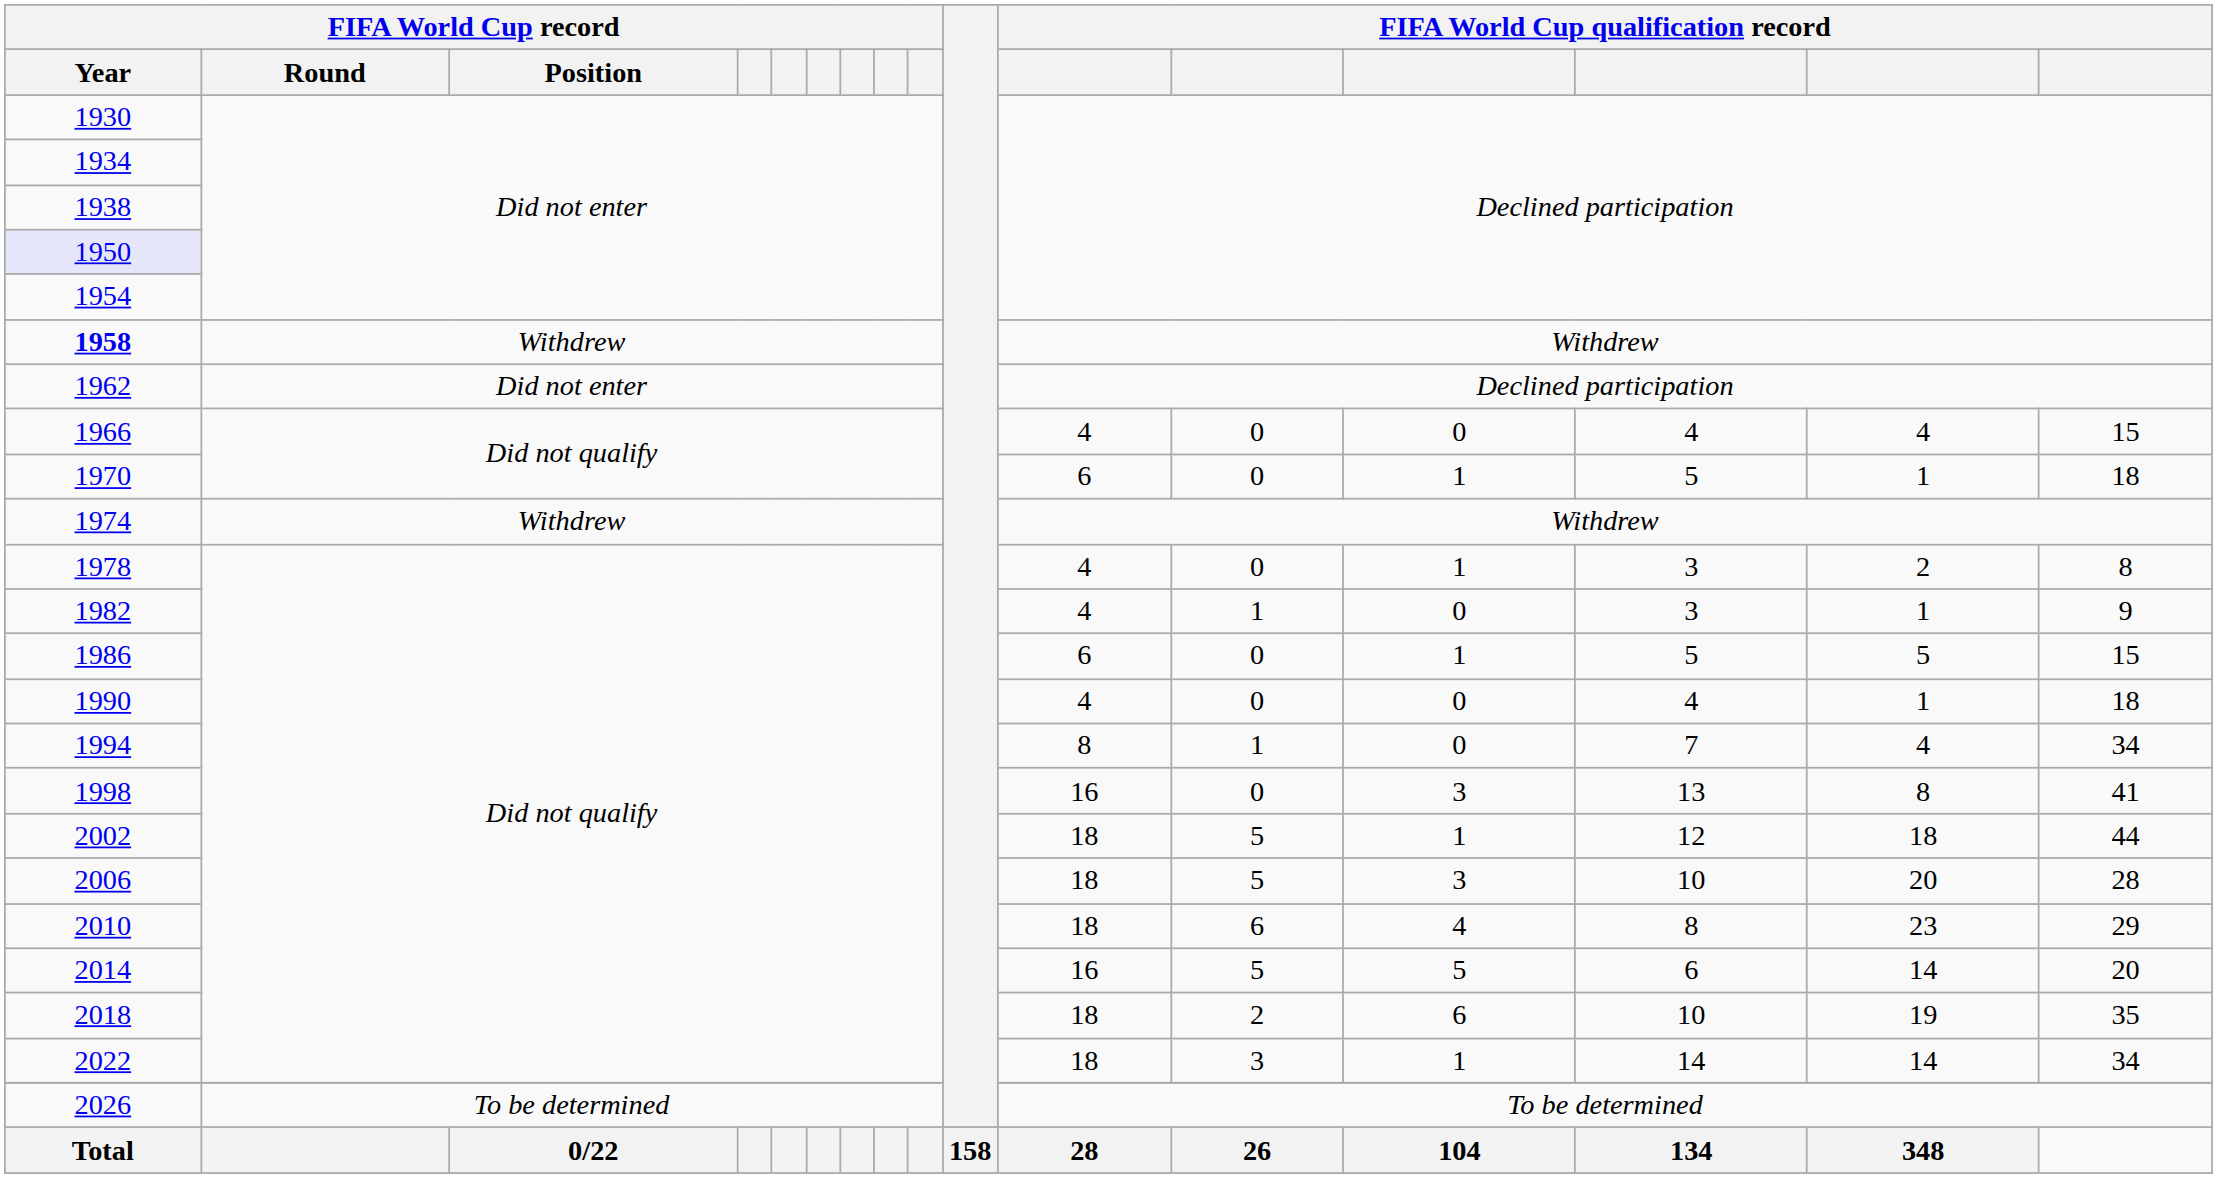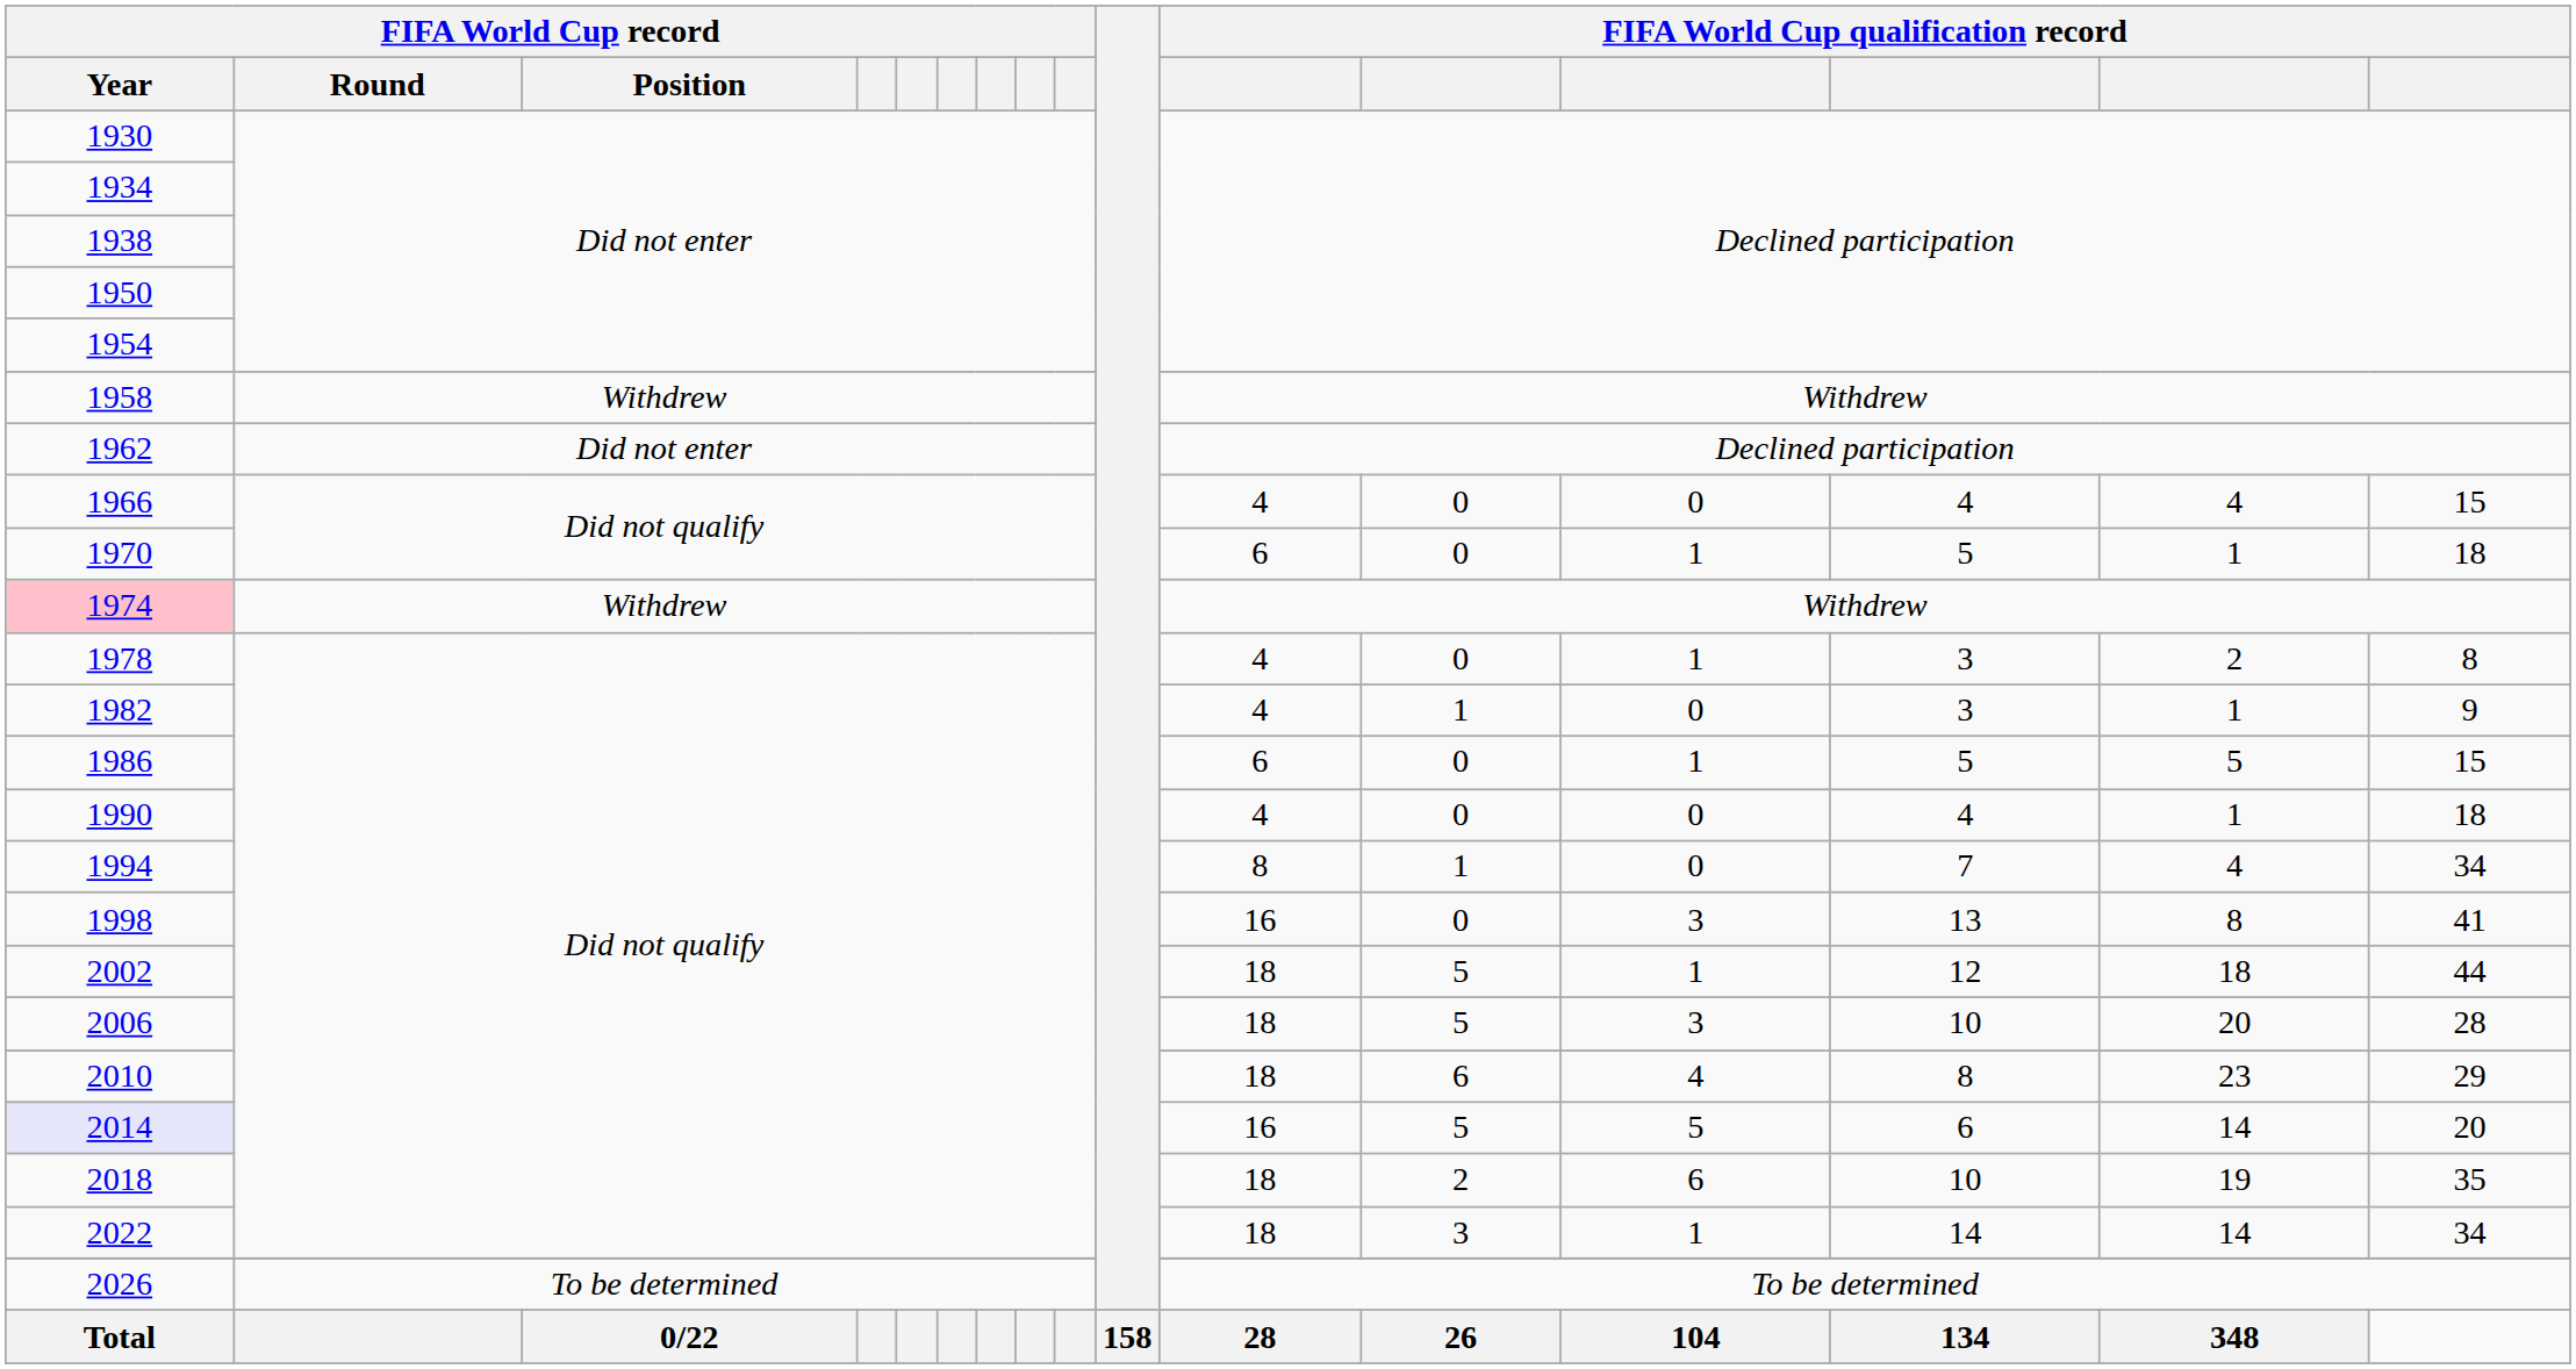 <table class="wikitable" style="text-align: center;">
 <tr>
 <th colspan=9><a href='#'>FIFA World Cup</a> record</th>
 <th width=1% rowspan=26></th>
 <th colspan=6><a href='#'>FIFA World Cup qualification</a> record</th>
 </tr>
 <tr>
 <th>Year</th>
 <th>Round</th>
 <th>Position</th>
 <th></th>
 <th></th>
 <th></th>
 <th></th>
 <th></th>
 <th></th>
 <th></th>
 <th></th>
 <th></th>
 <th></th>
 <th></th>
 <th></th>
 </tr>
 <tr>
 <td> <a href='#'>1930</a></td>
 <td colspan=8 rowspan=5><em>Did not enter</em></td>
 <td colspan=6 rowspan=5><em>Declined participation</em></td>
 </tr>
 <tr>
 <td> <a href='#'>1934</a></td>
 </tr>
 <tr>
 <td> <a href='#'>1938</a></td>
 </tr>
 <tr>
-<td style="background: lavender;"> <a href='#'>1950</a></td>
+<td> <a href='#'>1950</a></td>
 </tr>
 <tr>
 <td> <a href='#'>1954</a></td>
 </tr>
 <tr>
-<td><strong> <a href='#'>1958</a></strong></td>
+<td> <a href='#'>1958</a></td>
 <td colspan=8><em>Withdrew</em></td>
 <td colspan=6><em>Withdrew</em></td>
 </tr>
 <tr>
 <td> <a href='#'>1962</a></td>
 <td colspan=8><em>Did not enter</em></td>
 <td colspan=6><em>Declined participation</em></td>
 </tr>
 <tr>
 <td> <a href='#'>1966</a></td>
 <td colspan=8 rowspan=2><em>Did not qualify</em></td>
 <td>4</td>
 <td>0</td>
 <td>0</td>
 <td>4</td>
 <td>4</td>
 <td>15</td>
 </tr>
 <tr>
 <td> <a href='#'>1970</a></td>
 <td>6</td>
 <td>0</td>
 <td>1</td>
 <td>5</td>
 <td>1</td>
 <td>18</td>
 </tr>
 <tr>
-<td> <a href='#'>1974</a></td>
+<td style="background: pink;"> <a href='#'>1974</a></td>
 <td colspan=8><em>Withdrew</em></td>
 <td colspan=6><em>Withdrew</em></td>
 </tr>
 <tr>
 <td> <a href='#'>1978</a></td>
 <td colspan=8 rowspan=12><em>Did not qualify</em></td>
 <td>4</td>
 <td>0</td>
 <td>1</td>
 <td>3</td>
 <td>2</td>
 <td>8</td>
 </tr>
 <tr>
 <td> <a href='#'>1982</a></td>
 <td>4</td>
 <td>1</td>
 <td>0</td>
 <td>3</td>
 <td>1</td>
 <td>9</td>
 </tr>
 <tr>
 <td> <a href='#'>1986</a></td>
 <td>6</td>
 <td>0</td>
 <td>1</td>
 <td>5</td>
 <td>5</td>
 <td>15</td>
 </tr>
 <tr>
 <td> <a href='#'>1990</a></td>
 <td>4</td>
 <td>0</td>
 <td>0</td>
 <td>4</td>
 <td>1</td>
 <td>18</td>
 </tr>
 <tr>
 <td> <a href='#'>1994</a></td>
 <td>8</td>
 <td>1</td>
 <td>0</td>
 <td>7</td>
 <td>4</td>
 <td>34</td>
 </tr>
 <tr>
 <td> <a href='#'>1998</a></td>
 <td>16</td>
 <td>0</td>
 <td>3</td>
 <td>13</td>
 <td>8</td>
 <td>41</td>
 </tr>
 <tr>
 <td>  <a href='#'>2002</a></td>
 <td>18</td>
 <td>5</td>
 <td>1</td>
 <td>12</td>
 <td>18</td>
 <td>44</td>
 </tr>
 <tr>
 <td> <a href='#'>2006</a></td>
 <td>18</td>
 <td>5</td>
 <td>3</td>
 <td>10</td>
 <td>20</td>
 <td>28</td>
 </tr>
 <tr>
 <td> <a href='#'>2010</a></td>
 <td>18</td>
 <td>6</td>
 <td>4</td>
 <td>8</td>
 <td>23</td>
 <td>29</td>
 </tr>
 <tr>
-<td> <a href='#'>2014</a></td>
+<td style="background: lavender;"> <a href='#'>2014</a></td>
 <td>16</td>
 <td>5</td>
 <td>5</td>
 <td>6</td>
 <td>14</td>
 <td>20</td>
 </tr>
 <tr>
 <td> <a href='#'>2018</a></td>
 <td>18</td>
 <td>2</td>
 <td>6</td>
 <td>10</td>
 <td>19</td>
 <td>35</td>
 </tr>
 <tr>
 <td> <a href='#'>2022</a></td>
 <td>18</td>
 <td>3</td>
 <td>1</td>
 <td>14</td>
 <td>14</td>
 <td>34</td>
 </tr>
 <tr>
 </tr>
 <tr>
 <td>   <a href='#'>2026</a></td>
 <td colspan=8><em>To be determined</em></td>
 <td colspan=6><em>To be determined</em></td>
 </tr>
 <tr>
 <th>Total</th>
 <th></th>
 <th>0/22</th>
 <th></th>
 <th></th>
 <th></th>
 <th></th>
 <th></th>
 <th></th>
 <th>158</th>
 <th>28</th>
 <th>26</th>
 <th>104</th>
 <th>134</th>
 <th>348</th>
 </tr>
 </table>
